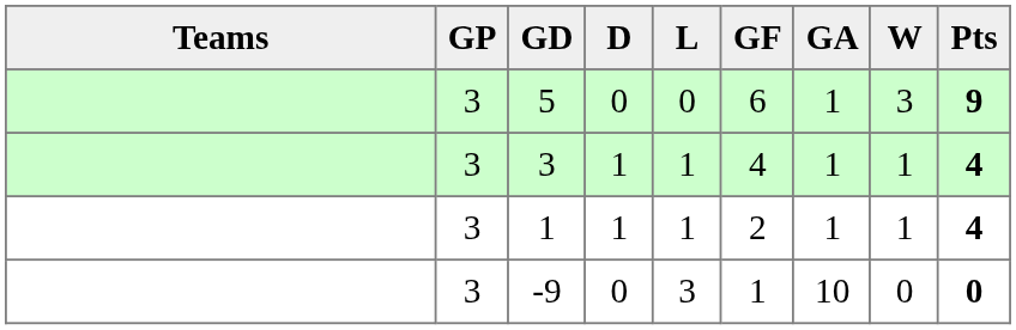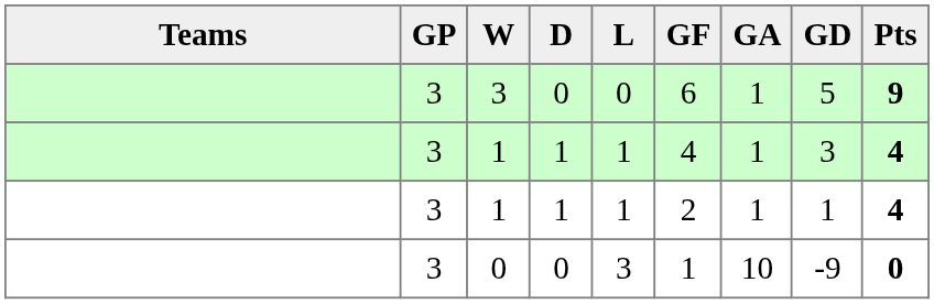 <table style=border-collapse:collapse border=1 cellspacing=0 cellpadding=5>
 <tr align=center bgcolor=#efefef>
 <th width=185>Teams</th>
 <th width=20>GP</th>
-<th width=20>GD</th>
+<th width=20>W</th>
 <th width=20>D</th>
 <th width=20>L</th>
 <th width=20>GF</th>
 <th width=20>GA</th>
-<th width=20>W</th>
+<th width=20>GD</th>
 <th width=20>Pts</th>
 </tr>
 <tr align=center style="background:#ccffcc;">
 <td style="text-align:left;"></td>
 <td>3</td>
-<td>5</td>
+<td>3</td>
 <td>0</td>
 <td>0</td>
 <td>6</td>
 <td>1</td>
-<td>3</td>
+<td>5</td>
 <td><strong>9</strong></td>
 </tr>
 <tr align=center style="background:#ccffcc;">
 <td style="text-align:left;"></td>
 <td>3</td>
-<td>3</td>
+<td>1</td>
 <td>1</td>
 <td>1</td>
 <td>4</td>
 <td>1</td>
-<td>1</td>
+<td>3</td>
 <td><strong>4</strong></td>
 </tr>
 <tr align=center>
 <td style="text-align:left;"></td>
 <td>3</td>
 <td>1</td>
 <td>1</td>
 <td>1</td>
 <td>2</td>
 <td>1</td>
 <td>1</td>
 <td><strong>4</strong></td>
 </tr>
 <tr align=center>
 <td style="text-align:left;"></td>
 <td>3</td>
-<td>-9</td>
+<td>0</td>
 <td>0</td>
 <td>3</td>
 <td>1</td>
 <td>10</td>
-<td>0</td>
+<td>-9</td>
 <td><strong>0</strong></td>
 </tr>
 </table>
